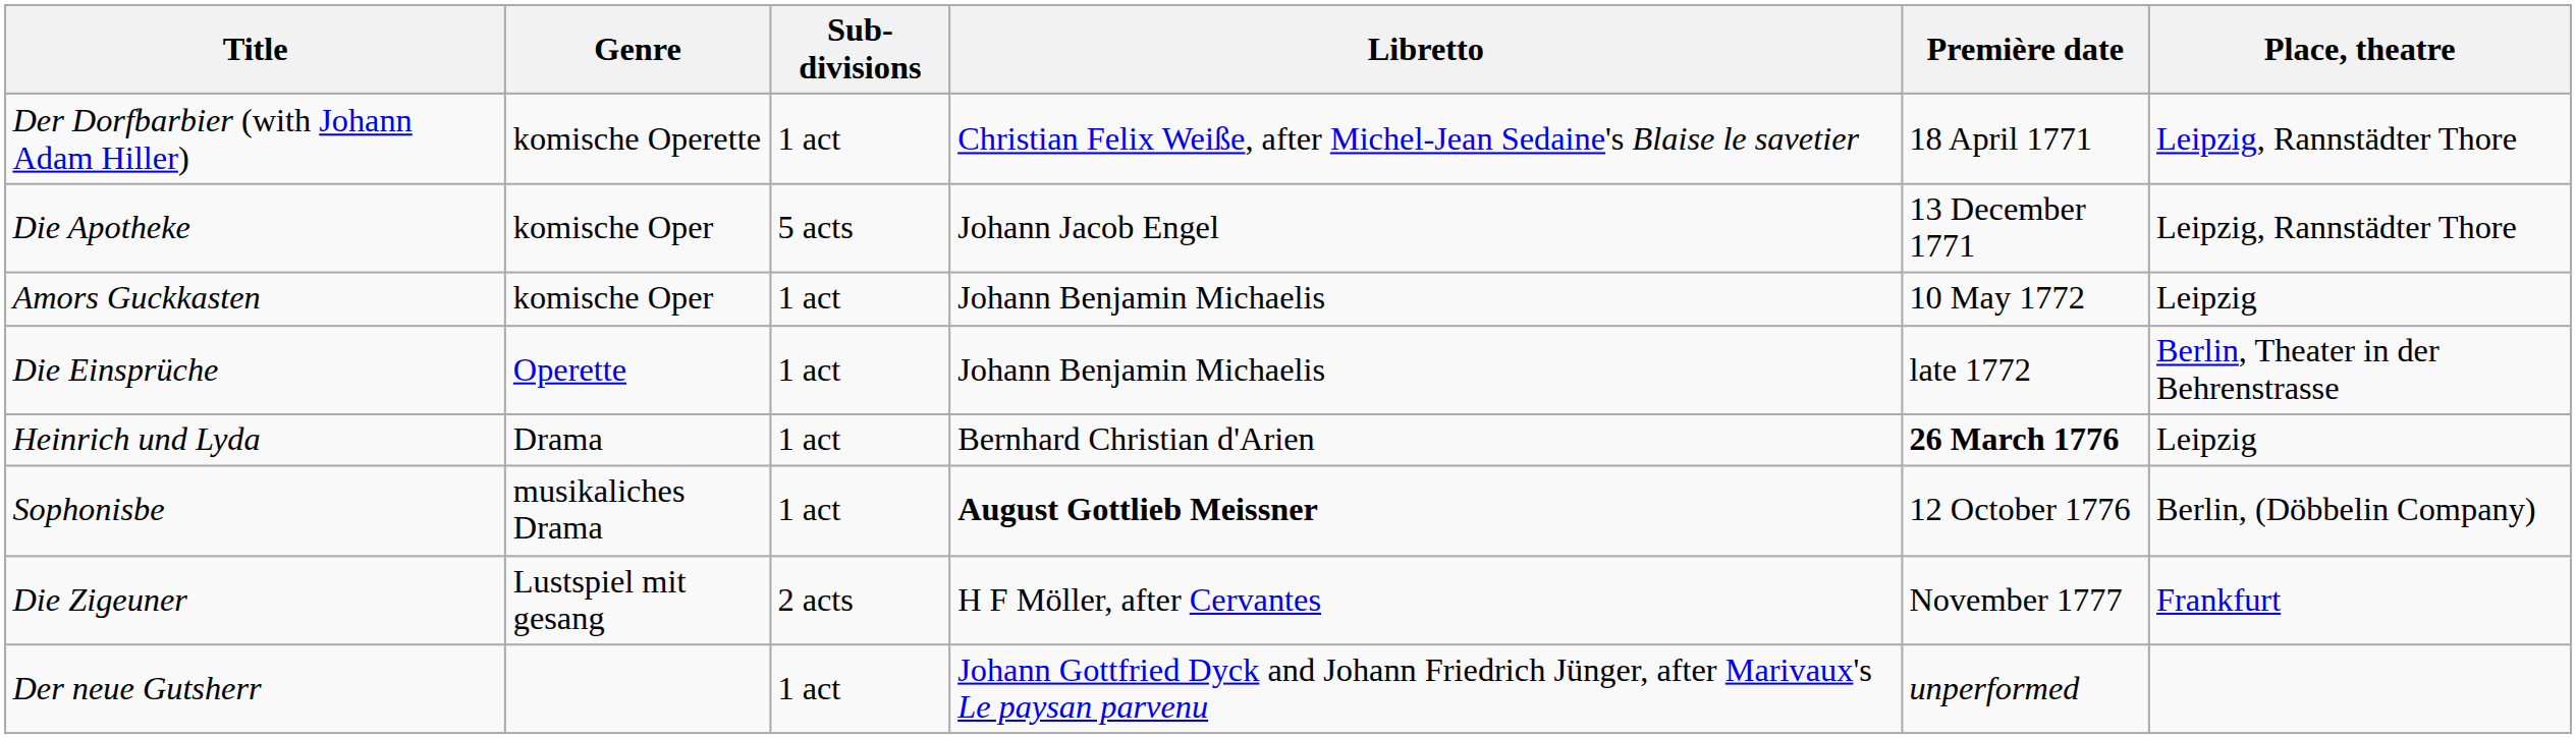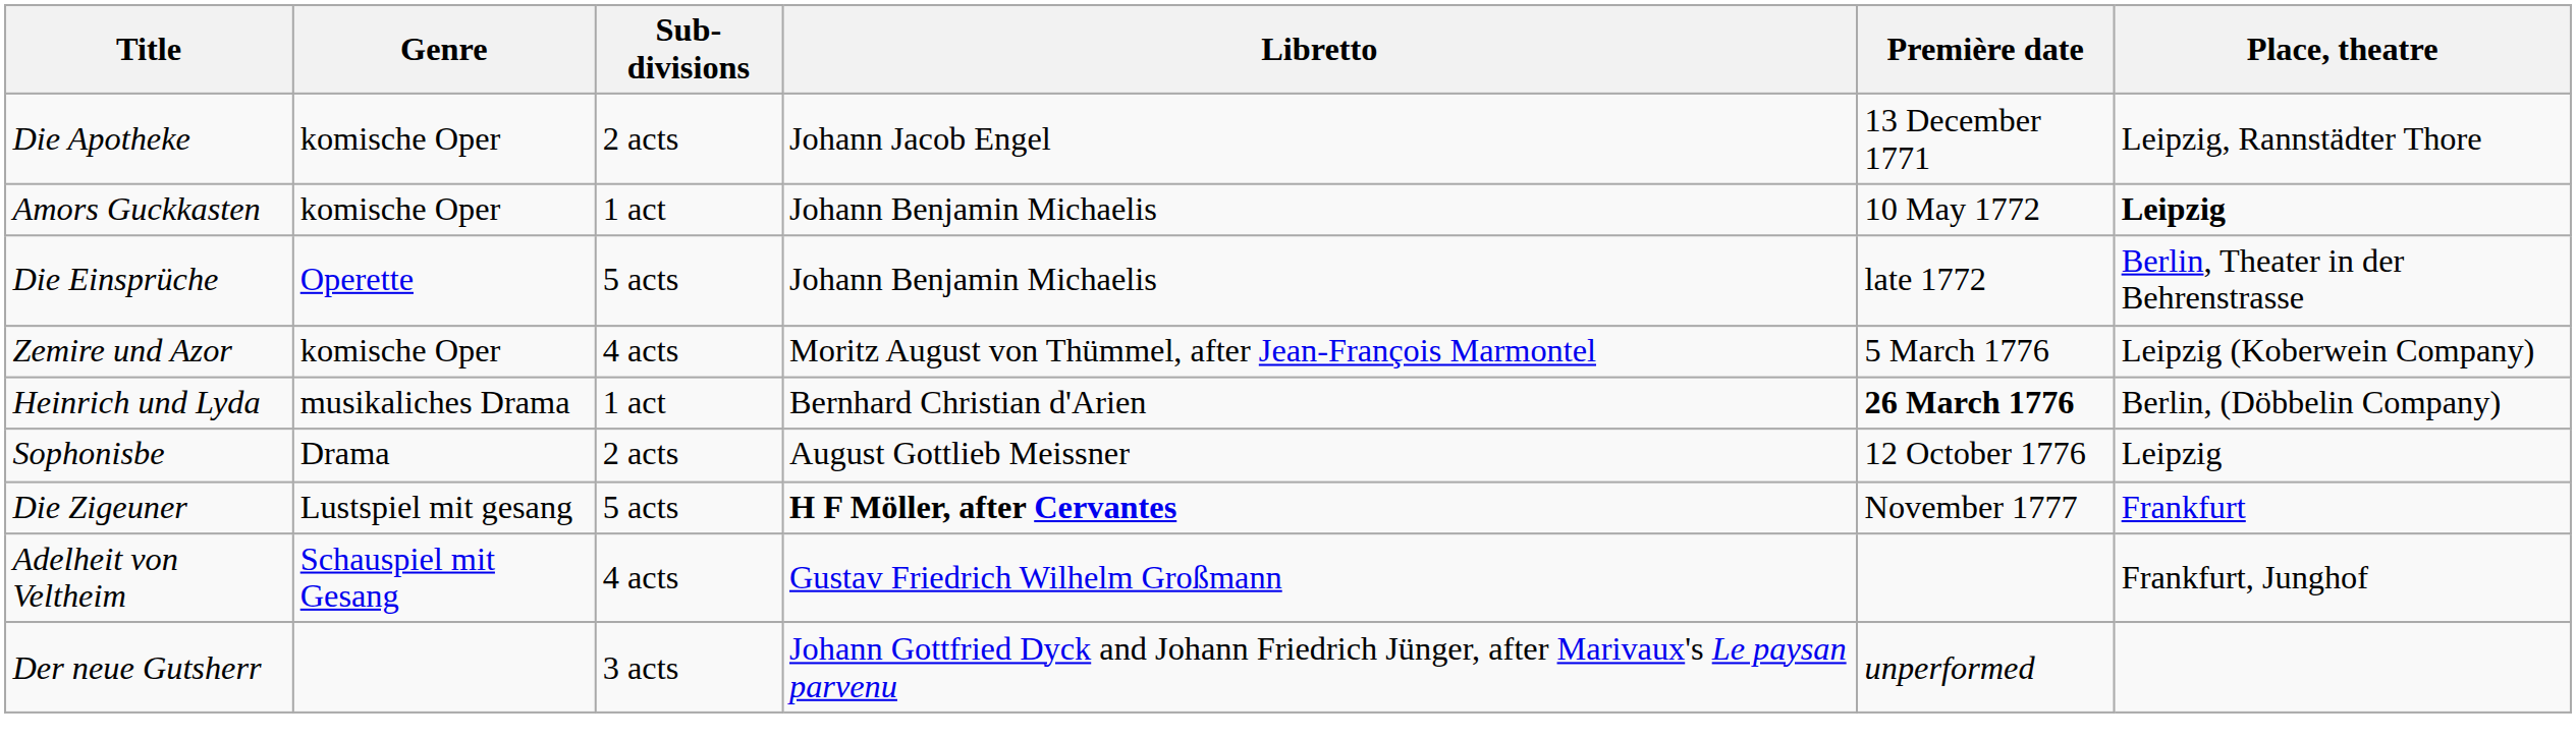 <table class="wikitable sortable">
 <tr>
 <th>Title</th>
 <th>Genre</th>
 <th>Sub­divisions</th>
 <th>Libretto</th>
 <th>Première date</th>
 <th>Place, theatre</th>
 </tr>
 <tr>
-<td><em>Der Dorfbarbier</em> (with <a href='#'>Johann Adam Hiller</a>)</td>
-<td>komische Operette</td>
-<td>1 act</td>
-<td><a href='#'>Christian Felix Weiße</a>, after <a href='#'>Michel-Jean Sedaine</a>'s <em>Blaise le savetier</em></td>
-<td>18 April 1771</td>
-<td><a href='#'>Leipzig</a>, Rannstädter Thore</td>
-</tr>
-<tr>
 <td><em>Die Apotheke</em></td>
 <td>komische Oper</td>
-<td>5 acts</td>
+<td>2 acts</td>
 <td>Johann Jacob Engel</td>
 <td>13 December 1771</td>
 <td>Leipzig, Rannstädter Thore</td>
 </tr>
 <tr>
 <td><em>Amors Guckkasten</em></td>
 <td>komische Oper</td>
 <td>1 act</td>
 <td>Johann Benjamin Michaelis</td>
 <td>10 May 1772</td>
-<td>Leipzig</td>
+<td><strong>Leipzig</strong></td>
 </tr>
 <tr>
 <td><em>Die Einsprüche</em></td>
 <td><a href='#'>Operette</a></td>
-<td>1 act</td>
+<td>5 acts</td>
 <td>Johann Benjamin Michaelis</td>
 <td>late 1772</td>
 <td><a href='#'>Berlin</a>, Theater in der Behrenstrasse</td>
 </tr>
 <tr>
+<td><em>Zemire und Azor</em></td>
+<td>komische Oper</td>
+<td>4 acts</td>
+<td>Moritz August von Thümmel, after <a href='#'>Jean-François Marmontel</a></td>
+<td>5 March 1776</td>
+<td>Leipzig (Koberwein Company)</td>
+</tr>
+<tr>
 <td><em>Heinrich und Lyda</em></td>
-<td>Drama</td>
+<td>musikaliches Drama</td>
 <td>1 act</td>
 <td>Bernhard Christian d'Arien</td>
 <td><strong>26 March 1776</strong></td>
-<td>Leipzig</td>
+<td>Berlin, (Döbbelin Company)</td>
 </tr>
 <tr>
 <td><em>Sophonisbe</em></td>
-<td>musikaliches Drama</td>
-<td>1 act</td>
-<td><strong>August Gottlieb Meissner</strong></td>
+<td>Drama</td>
+<td>2 acts</td>
+<td>August Gottlieb Meissner</td>
 <td>12 October 1776</td>
-<td>Berlin, (Döbbelin Company)</td>
+<td>Leipzig</td>
 </tr>
 <tr>
 <td><em>Die Zigeuner</em></td>
 <td>Lustspiel mit gesang</td>
-<td>2 acts</td>
-<td>H F Möller, after <a href='#'>Cervantes</a></td>
+<td>5 acts</td>
+<td><strong>H F Möller, after <a href='#'>Cervantes</a></strong></td>
 <td>November 1777</td>
 <td><a href='#'>Frankfurt</a></td>
 </tr>
 <tr>
+<td><em>Adelheit von Veltheim</em></td>
+<td><a href='#'>Schauspiel mit Gesang</a></td>
+<td>4 acts</td>
+<td><a href='#'>Gustav Friedrich Wilhelm Großmann</a></td>
+<td></td>
+<td>Frankfurt, Junghof</td>
+</tr>
+<tr>
 <td><em>Der neue Gutsherr</em></td>
 <td></td>
-<td>1 act</td>
+<td>3 acts</td>
 <td><a href='#'>Johann Gottfried Dyck</a> and Johann Friedrich Jünger, after <a href='#'>Marivaux</a>'s <em><a href='#'>Le paysan parvenu</a></em></td>
 <td><em>unperformed</em></td>
 <td></td>
 </tr>
 </table>
